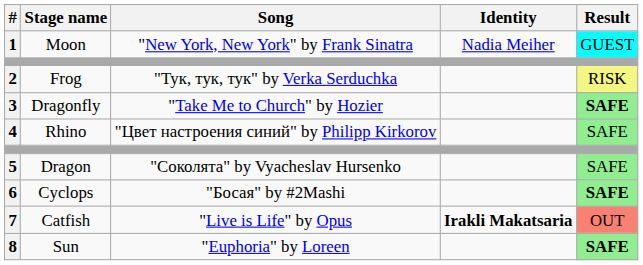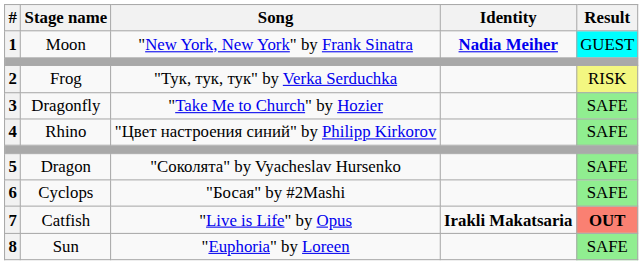 <table class="wikitable plainrowheaders" style="text-align: center">
 <tr>
 <th>#</th>
 <th>Stage name</th>
 <th>Song</th>
 <th>Identity</th>
 <th>Result</th>
 </tr>
 <tr>
 <th>1</th>
 <td>Moon</td>
 <td>"<a href='#'>New York, New York</a>" by <a href='#'>Frank Sinatra</a></td>
-<td><a href='#'>Nadia Meiher</a></td>
+<td><strong><a href='#'>Nadia Meiher</a></strong></td>
 <td bgcolor=#00ffff>GUEST</td>
 </tr>
 <tr>
 <td colspan="5" style="background:darkgray"></td>
 </tr>
 <tr>
 <th>2</th>
 <td>Frog</td>
 <td>"Тук, тук, тук" by <a href='#'>Verka Serduchka</a></td>
 <td></td>
 <td bgcolor="#F3F781">RISK</td>
 </tr>
 <tr>
 <th>3</th>
 <td>Dragonfly</td>
 <td>"<a href='#'>Take Me to Church</a>" by <a href='#'>Hozier</a></td>
 <td></td>
-<td bgcolor=lightgreen><strong>SAFE</strong></td>
+<td bgcolor=lightgreen>SAFE</td>
 </tr>
 <tr>
 <th>4</th>
 <td>Rhino</td>
 <td>"Цвет настроения синий" by <a href='#'>Philipp Kirkorov</a></td>
 <td></td>
 <td bgcolor=lightgreen>SAFE</td>
 </tr>
 <tr>
 <td colspan="5" style="background:darkgray"></td>
 </tr>
 <tr>
 <th>5</th>
 <td>Dragon</td>
 <td>"Соколята" by Vyacheslav Hursenko</td>
 <td></td>
 <td bgcolor=lightgreen>SAFE</td>
 </tr>
 <tr>
 <th>6</th>
 <td>Cyclops</td>
 <td>"Босая" by #2Mashi</td>
 <td></td>
-<td bgcolor=lightgreen><strong>SAFE</strong></td>
+<td bgcolor=lightgreen>SAFE</td>
 </tr>
 <tr>
 <th>7</th>
 <td>Catfish</td>
 <td>"<a href='#'>Live is Life</a>" by <a href='#'>Opus</a></td>
 <td><strong>Irakli Makatsaria</strong></td>
-<td bgcolor=salmon>OUT</td>
+<td bgcolor=salmon><strong>OUT</strong></td>
 </tr>
 <tr>
 <th>8</th>
 <td>Sun</td>
 <td>"<a href='#'>Euphoria</a>" by <a href='#'>Loreen</a></td>
 <td></td>
-<td bgcolor=lightgreen><strong>SAFE</strong></td>
+<td bgcolor=lightgreen>SAFE</td>
 </tr>
 </table>
